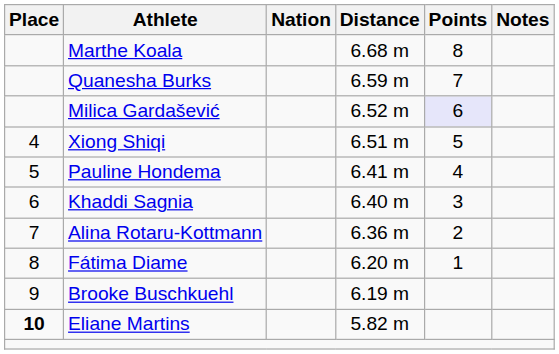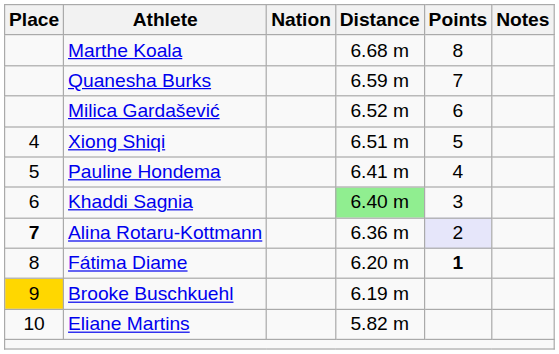 <table class="wikitable mw-datatable sortable" style="text-align:center;">
 <tr>
 <th scope="col">Place</th>
 <th scope="col">Athlete</th>
 <th scope="col">Nation</th>
 <th scope="col">Distance</th>
 <th scope="col">Points</th>
 <th scope="col">Notes</th>
 </tr>
 <tr>
 <td></td>
 <td align="left"><a href='#'>Marthe Koala</a></td>
 <td align="left"></td>
 <td>6.68 m </td>
 <td>8</td>
 <td></td>
 </tr>
 <tr>
 <td></td>
 <td align="left"><a href='#'>Quanesha Burks</a></td>
 <td align="left"></td>
 <td>6.59 m </td>
 <td>7</td>
 <td></td>
 </tr>
 <tr>
 <td></td>
 <td align="left"><a href='#'>Milica Gardašević</a></td>
 <td align="left"></td>
 <td>6.52 m </td>
-<td style="background: lavender;">6</td>
+<td>6</td>
 <td></td>
 </tr>
 <tr>
 <td>4</td>
 <td align="left"><a href='#'>Xiong Shiqi</a></td>
 <td align="left"></td>
 <td>6.51 m </td>
 <td>5</td>
 <td></td>
 </tr>
 <tr>
 <td>5</td>
 <td align="left"><a href='#'>Pauline Hondema</a></td>
 <td align="left"></td>
 <td>6.41 m </td>
 <td>4</td>
 <td></td>
 </tr>
 <tr>
 <td>6</td>
 <td align="left"><a href='#'>Khaddi Sagnia</a></td>
 <td align="left"></td>
-<td>6.40 m </td>
+<td style="background: lightgreen;">6.40 m </td>
 <td>3</td>
 <td></td>
 </tr>
 <tr>
-<td>7</td>
+<td><strong>7</strong></td>
 <td align="left"><a href='#'>Alina Rotaru-Kottmann</a></td>
 <td align="left"></td>
 <td>6.36 m </td>
-<td>2</td>
+<td style="background: lavender;">2</td>
 <td></td>
 </tr>
 <tr>
 <td>8</td>
 <td align="left"><a href='#'>Fátima Diame</a></td>
 <td align="left"></td>
 <td>6.20 m </td>
-<td>1</td>
+<td><strong>1</strong></td>
 <td></td>
 </tr>
 <tr>
-<td>9</td>
+<td style="background: gold;">9</td>
 <td align="left"><a href='#'>Brooke Buschkuehl</a></td>
 <td align="left"></td>
 <td>6.19 m </td>
 <td></td>
 <td></td>
 </tr>
 <tr>
-<td><strong>10</strong></td>
+<td>10</td>
 <td align="left"><a href='#'>Eliane Martins</a></td>
 <td align="left"></td>
 <td>5.82 m </td>
 <td></td>
 <td></td>
 </tr>
 <tr class="sortbottom">
 <td colspan="6"></td>
 </tr>
 </table>
